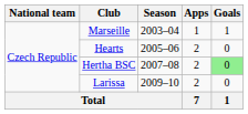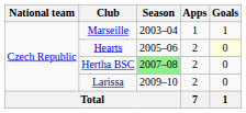 <table class="wikitable" style="text-align: center;">
 <tr>
 <th>National team</th>
 <th>Club</th>
 <th>Season</th>
 <th>Apps</th>
 <th>Goals</th>
 </tr>
 <tr>
 <td rowspan="4"><a href='#'>Czech Republic</a></td>
 <td rowspan="1"><a href='#'>Marseille</a></td>
 <td>2003–04</td>
 <td>1</td>
 <td>1</td>
 </tr>
 <tr>
 <td rowspan="1"><a href='#'>Hearts</a></td>
 <td>2005–06</td>
 <td>2</td>
-<td>0</td>
+<td style="background: lightyellow;">0</td>
 </tr>
 <tr>
 <td rowspan="1"><a href='#'>Hertha BSC</a></td>
-<td>2007–08</td>
+<td style="background: lightgreen;">2007–08</td>
 <td>2</td>
-<td style="background: lightgreen;">0</td>
+<td>0</td>
 </tr>
 <tr>
 <td rowspan="1"><a href='#'>Larissa</a></td>
 <td>2009–10</td>
 <td>2</td>
 <td>0</td>
 </tr>
 <tr>
 <th colspan="3">Total</th>
 <th>7</th>
 <th>1</th>
 </tr>
 </table>
